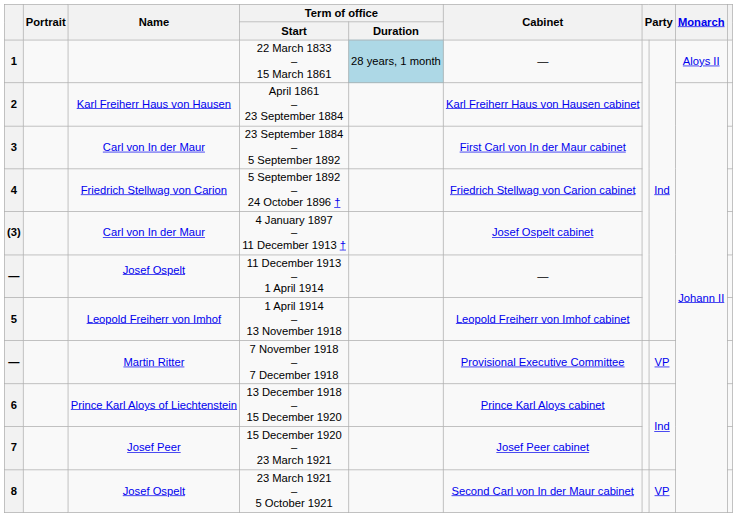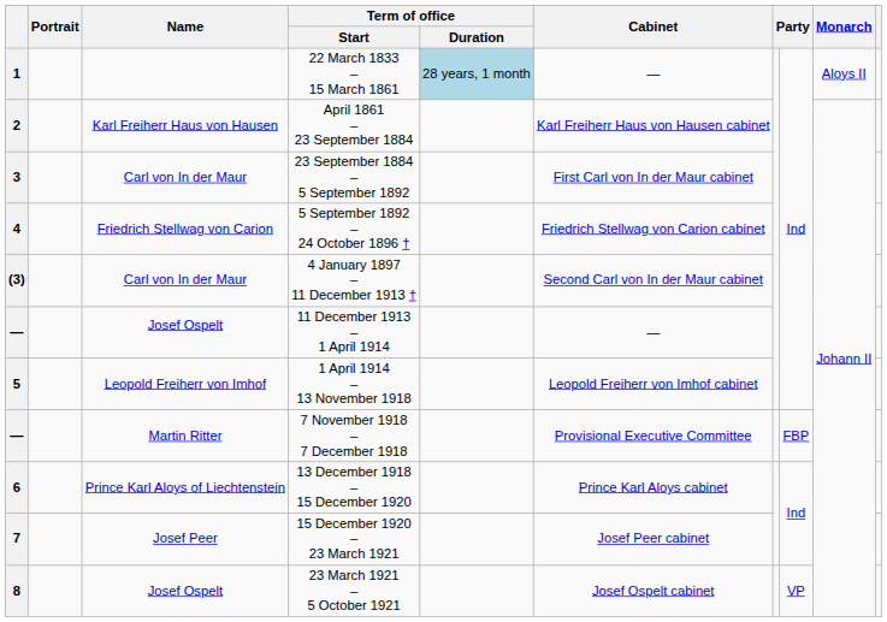 <table class="wikitable" style="text-align:center;">
 <tr>
 <th scope=col rowspan=2></th>
 <th scope=col rowspan=2>Portrait</th>
 <th scope=col rowspan=2>Name<br></th>
 <th colspan="2" scope="rowgroup">Term of office</th>
 <th rowspan="2">Cabinet</th>
 <th colspan="2" rowspan="2" scope="rowgroup">Party</th>
 <th scope=col rowspan=2><a href='#'>Monarch</a><br></th>
 <th rowspan="2"></th>
 </tr>
 <tr>
 <th scope=col>Start</th>
 <th scope=col>Duration</th>
 </tr>
 <tr>
 <th scope="row" style="background:">1</th>
 <td></td>
 <td><br></td>
 <td>22 March 1833<br>–<br>15 March 1861</td>
 <td style="background: lightblue;">28 years, 1 month</td>
 <td>—</td>
 <td rowspan="7"></td>
 <td rowspan="7"><a href='#'>Ind</a></td>
 <td><a href='#'>Aloys II</a><br></td>
 <td></td>
 </tr>
 <tr>
 <th scope="row" style="background:">2</th>
 <td></td>
 <td><a href='#'>Karl Freiherr Haus von Hausen</a><br></td>
 <td>April 1861<br>–<br>23 September 1884</td>
 <td></td>
 <td><a href='#'>Karl Freiherr Haus von Hausen cabinet</a></td>
 <td rowspan="10"><a href='#'>Johann II</a><br></td>
 <td></td>
 </tr>
 <tr>
 <th scope=row style="background:">3</th>
 <td></td>
 <td><a href='#'>Carl von In der Maur</a><br></td>
 <td>23 September 1884<br>–<br>5 September 1892</td>
 <td></td>
 <td><a href='#'>First Carl von In der Maur cabinet</a></td>
 <td></td>
 </tr>
 <tr>
 <th scope=row style="background:">4</th>
 <td></td>
 <td><a href='#'>Friedrich Stellwag von Carion</a><br></td>
 <td>5 September 1892<br>–<br>24 October 1896 <a href='#'>†</a></td>
 <td></td>
 <td><a href='#'>Friedrich Stellwag von Carion cabinet</a></td>
 <td></td>
 </tr>
 <tr>
 <th scope=row style="background:">(3)</th>
 <td></td>
 <td><a href='#'>Carl von In der Maur</a><br></td>
 <td>4 January 1897<br>–<br>11 December 1913 <a href='#'>†</a></td>
 <td></td>
-<td><a href='#'>Josef Ospelt cabinet</a></td>
+<td><a href='#'>Second Carl von In der Maur cabinet</a></td>
 <td></td>
 </tr>
 <tr>
 <th scope=row style="background:">—</th>
 <td></td>
 <td><a href='#'>Josef Ospelt</a><br><br></td>
 <td>11 December 1913<br>–<br>1 April 1914</td>
 <td></td>
 <td>—</td>
 <td></td>
 </tr>
 <tr>
 <th scope=row style="background:">5</th>
 <td></td>
 <td><a href='#'>Leopold Freiherr von Imhof</a><br></td>
 <td>1 April 1914<br>–<br>13 November 1918</td>
 <td></td>
 <td><a href='#'>Leopold Freiherr von Imhof cabinet</a></td>
 <td></td>
 </tr>
 <tr>
 <th scope=row style="background:">—</th>
 <td></td>
 <td><a href='#'>Martin Ritter</a><br></td>
 <td>7 November 1918<br>–<br>7 December 1918</td>
 <td></td>
 <td><a href='#'>Provisional Executive Committee</a></td>
 <td></td>
-<td><a href='#'>VP</a></td>
+<td><a href='#'>FBP</a></td>
 <td></td>
 </tr>
 <tr>
 <th scope=row style="background:">6</th>
 <td></td>
 <td><a href='#'>Prince Karl Aloys of Liechtenstein</a><br></td>
 <td>13 December 1918<br>–<br>15 December 1920</td>
 <td></td>
 <td><a href='#'>Prince Karl Aloys cabinet</a></td>
 <td rowspan="2"></td>
 <td rowspan="2"><a href='#'>Ind</a></td>
 <td></td>
 </tr>
 <tr>
 <th scope=row style="background:">7</th>
 <td></td>
 <td><a href='#'>Josef Peer</a><br></td>
 <td>15 December 1920<br>–<br>23 March 1921</td>
 <td></td>
 <td><a href='#'>Josef Peer cabinet</a></td>
 <td></td>
 </tr>
 <tr>
 <th scope=row style="background:">8</th>
 <td></td>
 <td><a href='#'>Josef Ospelt</a><br></td>
 <td>23 March 1921<br>–<br>5 October 1921</td>
 <td></td>
-<td><a href='#'>Second Carl von In der Maur cabinet</a></td>
+<td><a href='#'>Josef Ospelt cabinet</a></td>
 <td></td>
 <td><a href='#'>VP</a></td>
 <td></td>
 </tr>
 </table>
